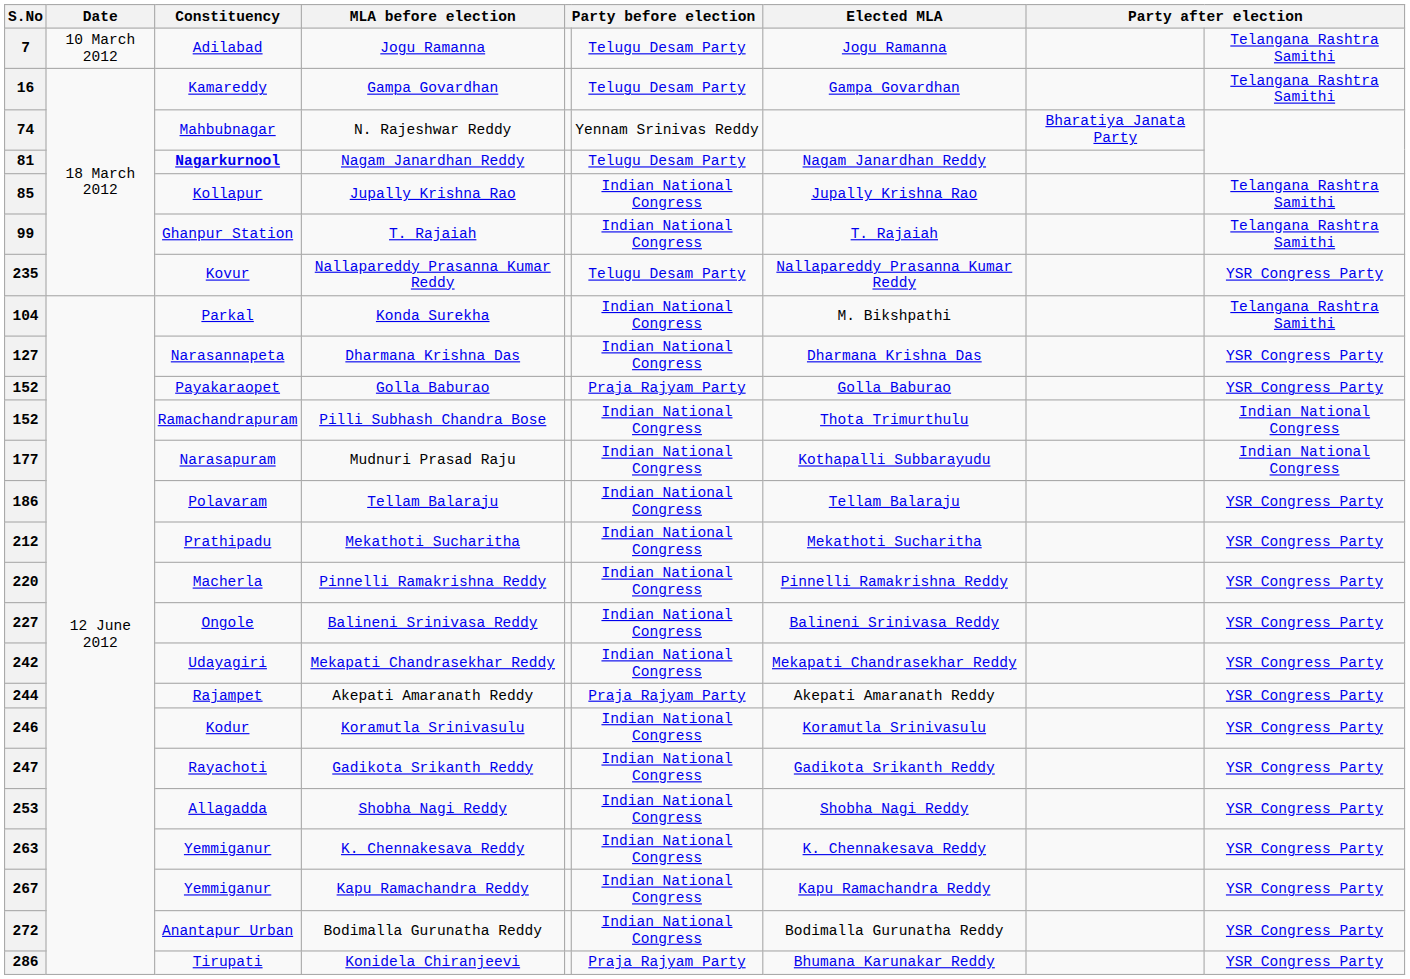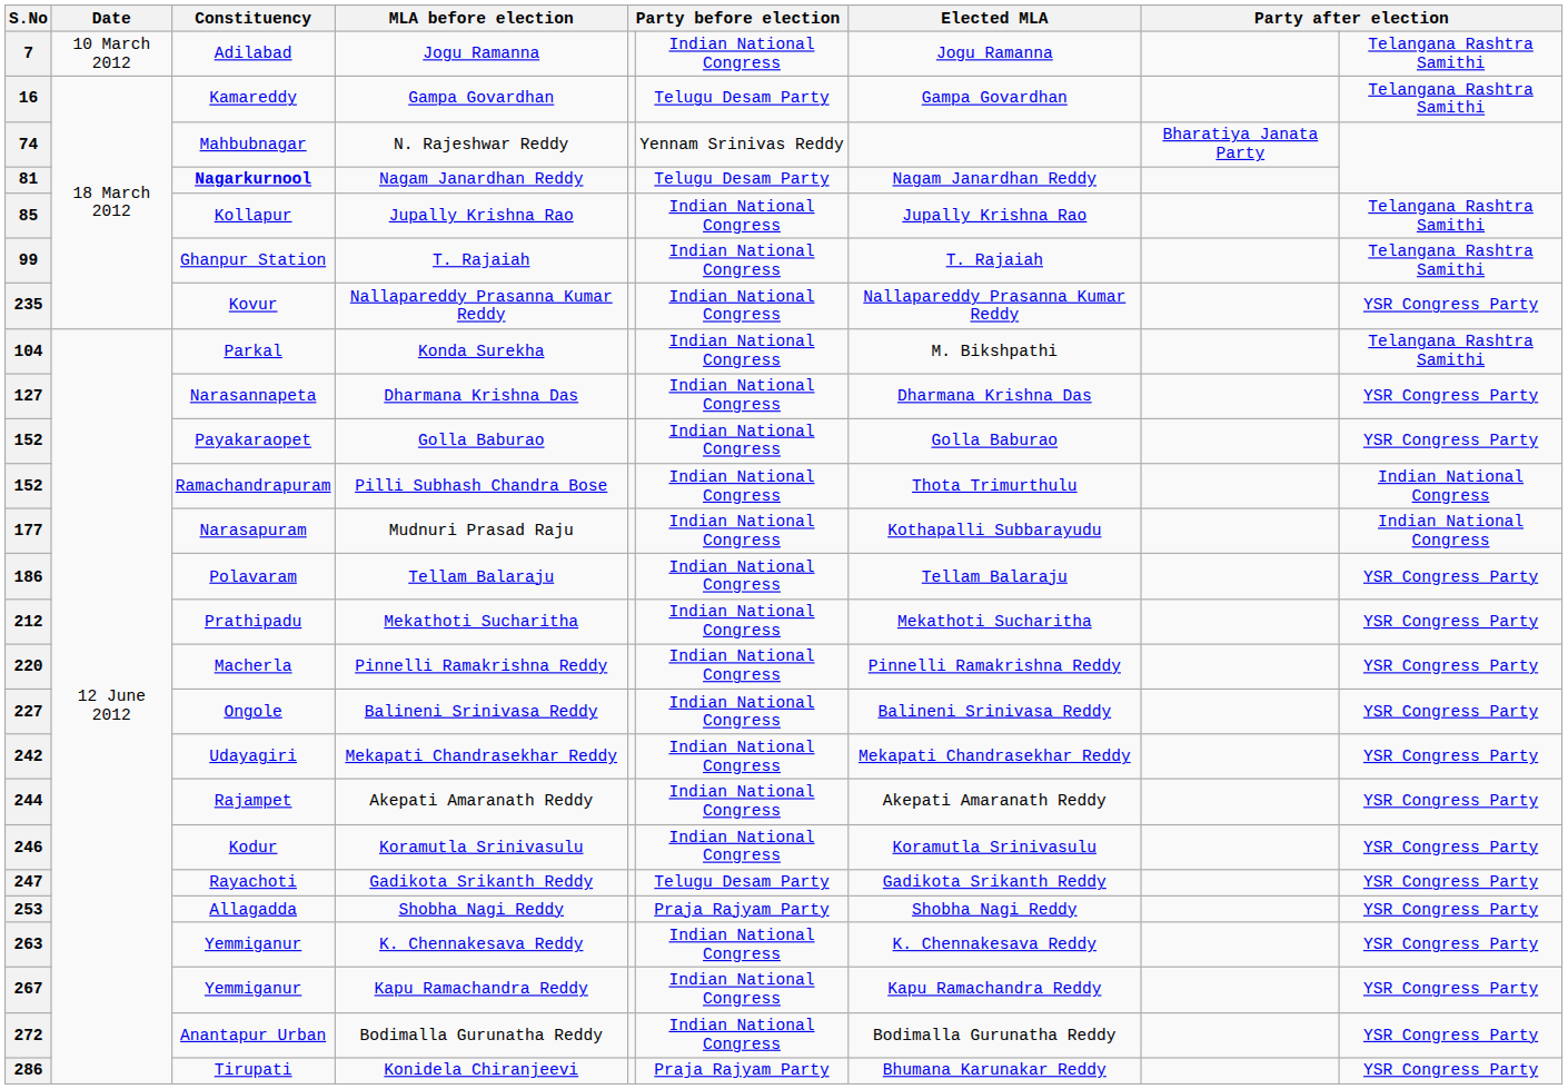 <table class="wikitable sortable" style="text-align:center;">
 <tr>
 <th>S.No</th>
 <th>Date</th>
 <th>Constituency</th>
 <th>MLA before election</th>
 <th colspan="2">Party before election</th>
 <th>Elected MLA</th>
 <th colspan="2">Party after election</th>
 </tr>
 <tr>
 <th>7</th>
 <td>10 March 2012</td>
 <td><a href='#'>Adilabad</a></td>
 <td><a href='#'>Jogu Ramanna</a></td>
 <td></td>
-<td><a href='#'>Telugu Desam Party</a></td>
+<td><a href='#'>Indian National Congress</a></td>
 <td><a href='#'>Jogu Ramanna</a></td>
 <td></td>
 <td><a href='#'>Telangana Rashtra Samithi</a></td>
 </tr>
 <tr>
 <th>16</th>
 <td Rowspan=6>18 March 2012</td>
 <td><a href='#'>Kamareddy</a></td>
 <td><a href='#'>Gampa Govardhan</a></td>
 <td></td>
 <td><a href='#'>Telugu Desam Party</a></td>
 <td><a href='#'>Gampa Govardhan</a></td>
 <td></td>
 <td><a href='#'>Telangana Rashtra Samithi</a></td>
 </tr>
 <tr>
 <th>74</th>
 <td><a href='#'>Mahbubnagar</a></td>
 <td>N. Rajeshwar Reddy</td>
 <td></td>
 <td>Yennam Srinivas Reddy</td>
 <td></td>
 <td><a href='#'>Bharatiya Janata Party</a></td>
 </tr>
 <tr>
 <th>81</th>
 <td><strong><a href='#'>Nagarkurnool</a></strong></td>
 <td><a href='#'>Nagam Janardhan Reddy</a></td>
 <td></td>
 <td><a href='#'>Telugu Desam Party</a></td>
 <td><a href='#'>Nagam Janardhan Reddy</a></td>
 <td></td>
 </tr>
 <tr>
 <th>85</th>
 <td><a href='#'>Kollapur</a></td>
 <td><a href='#'>Jupally Krishna Rao</a></td>
 <td></td>
 <td><a href='#'>Indian National Congress</a></td>
 <td><a href='#'>Jupally Krishna Rao</a></td>
 <td></td>
 <td><a href='#'>Telangana Rashtra Samithi</a></td>
 </tr>
 <tr>
 <th>99</th>
 <td><a href='#'>Ghanpur Station</a></td>
 <td><a href='#'>T. Rajaiah</a></td>
 <td></td>
 <td><a href='#'>Indian National Congress</a></td>
 <td><a href='#'>T. Rajaiah</a></td>
 <td></td>
 <td><a href='#'>Telangana Rashtra Samithi</a></td>
 </tr>
 <tr>
 <th>235</th>
 <td><a href='#'>Kovur</a></td>
 <td><a href='#'>Nallapareddy Prasanna Kumar Reddy</a></td>
 <td></td>
-<td><a href='#'>Telugu Desam Party</a></td>
+<td><a href='#'>Indian National Congress</a></td>
 <td><a href='#'>Nallapareddy Prasanna Kumar Reddy</a></td>
 <td></td>
 <td><a href='#'>YSR Congress Party</a></td>
 </tr>
 <tr>
 <th>104</th>
 <td Rowspan=18>12 June 2012</td>
 <td><a href='#'>Parkal</a></td>
 <td><a href='#'>Konda Surekha</a></td>
 <td></td>
 <td><a href='#'>Indian National Congress</a></td>
 <td>M. Bikshpathi</td>
 <td></td>
 <td><a href='#'>Telangana Rashtra Samithi</a></td>
 </tr>
 <tr>
 <th>127</th>
 <td><a href='#'>Narasannapeta</a></td>
 <td><a href='#'>Dharmana Krishna Das</a></td>
 <td></td>
 <td><a href='#'>Indian National Congress</a></td>
 <td><a href='#'>Dharmana Krishna Das</a></td>
 <td></td>
 <td><a href='#'>YSR Congress Party</a></td>
 </tr>
 <tr>
 <th>152</th>
 <td><a href='#'>Payakaraopet</a></td>
 <td><a href='#'>Golla Baburao</a></td>
 <td></td>
-<td><a href='#'>Praja Rajyam Party</a></td>
+<td><a href='#'>Indian National Congress</a></td>
 <td><a href='#'>Golla Baburao</a></td>
 <td></td>
 <td><a href='#'>YSR Congress Party</a></td>
 </tr>
 <tr>
 <th>152</th>
 <td><a href='#'>Ramachandrapuram</a></td>
 <td><a href='#'>Pilli Subhash Chandra Bose</a></td>
 <td></td>
 <td><a href='#'>Indian National Congress</a></td>
 <td><a href='#'>Thota Trimurthulu</a></td>
 <td></td>
 <td><a href='#'>Indian National Congress</a></td>
 </tr>
 <tr>
 <th>177</th>
 <td><a href='#'>Narasapuram</a></td>
 <td>Mudnuri Prasad Raju</td>
 <td></td>
 <td><a href='#'>Indian National Congress</a></td>
 <td><a href='#'>Kothapalli Subbarayudu</a></td>
 <td></td>
 <td><a href='#'>Indian National Congress</a></td>
 </tr>
 <tr>
 <th>186</th>
 <td><a href='#'>Polavaram</a></td>
 <td><a href='#'>Tellam Balaraju</a></td>
 <td></td>
 <td><a href='#'>Indian National Congress</a></td>
 <td><a href='#'>Tellam Balaraju</a></td>
 <td></td>
 <td><a href='#'>YSR Congress Party</a></td>
 </tr>
 <tr>
 <th>212</th>
 <td><a href='#'>Prathipadu</a></td>
 <td><a href='#'>Mekathoti Sucharitha</a></td>
 <td></td>
 <td><a href='#'>Indian National Congress</a></td>
 <td><a href='#'>Mekathoti Sucharitha</a></td>
 <td></td>
 <td><a href='#'>YSR Congress Party</a></td>
 </tr>
 <tr>
 <th>220</th>
 <td><a href='#'>Macherla</a></td>
 <td><a href='#'>Pinnelli Ramakrishna Reddy</a></td>
 <td></td>
 <td><a href='#'>Indian National Congress</a></td>
 <td><a href='#'>Pinnelli Ramakrishna Reddy</a></td>
 <td></td>
 <td><a href='#'>YSR Congress Party</a></td>
 </tr>
 <tr>
 <th>227</th>
 <td><a href='#'>Ongole</a></td>
 <td><a href='#'>Balineni Srinivasa Reddy</a></td>
 <td></td>
 <td><a href='#'>Indian National Congress</a></td>
 <td><a href='#'>Balineni Srinivasa Reddy</a></td>
 <td></td>
 <td><a href='#'>YSR Congress Party</a></td>
 </tr>
 <tr>
 <th>242</th>
 <td><a href='#'>Udayagiri</a></td>
 <td><a href='#'>Mekapati Chandrasekhar Reddy</a></td>
 <td></td>
 <td><a href='#'>Indian National Congress</a></td>
 <td><a href='#'>Mekapati Chandrasekhar Reddy</a></td>
 <td></td>
 <td><a href='#'>YSR Congress Party</a></td>
 </tr>
 <tr>
 <th>244</th>
 <td><a href='#'>Rajampet</a></td>
 <td>Akepati Amaranath Reddy</td>
 <td></td>
-<td><a href='#'>Praja Rajyam Party</a></td>
+<td><a href='#'>Indian National Congress</a></td>
 <td>Akepati Amaranath Reddy</td>
 <td></td>
 <td><a href='#'>YSR Congress Party</a></td>
 </tr>
 <tr>
 <th>246</th>
 <td><a href='#'>Kodur</a></td>
 <td><a href='#'>Koramutla Srinivasulu</a></td>
 <td></td>
 <td><a href='#'>Indian National Congress</a></td>
 <td><a href='#'>Koramutla Srinivasulu</a></td>
 <td></td>
 <td><a href='#'>YSR Congress Party</a></td>
 </tr>
 <tr>
 <th>247</th>
 <td><a href='#'>Rayachoti</a></td>
 <td><a href='#'>Gadikota Srikanth Reddy</a></td>
 <td></td>
-<td><a href='#'>Indian National Congress</a></td>
+<td><a href='#'>Telugu Desam Party</a></td>
 <td><a href='#'>Gadikota Srikanth Reddy</a></td>
 <td></td>
 <td><a href='#'>YSR Congress Party</a></td>
 </tr>
 <tr>
 <th>253</th>
 <td><a href='#'>Allagadda</a></td>
 <td><a href='#'>Shobha Nagi Reddy</a></td>
 <td></td>
-<td><a href='#'>Indian National Congress</a></td>
+<td><a href='#'>Praja Rajyam Party</a></td>
 <td><a href='#'>Shobha Nagi Reddy</a></td>
 <td></td>
 <td><a href='#'>YSR Congress Party</a></td>
 </tr>
 <tr>
 <th>263</th>
 <td><a href='#'>Yemmiganur</a></td>
 <td><a href='#'>K. Chennakesava Reddy</a></td>
 <td></td>
 <td><a href='#'>Indian National Congress</a></td>
 <td><a href='#'>K. Chennakesava Reddy</a></td>
 <td></td>
 <td><a href='#'>YSR Congress Party</a></td>
 </tr>
 <tr>
 <th>267</th>
 <td><a href='#'>Yemmiganur</a></td>
 <td><a href='#'>Kapu Ramachandra Reddy</a></td>
 <td></td>
 <td><a href='#'>Indian National Congress</a></td>
 <td><a href='#'>Kapu Ramachandra Reddy</a></td>
 <td></td>
 <td><a href='#'>YSR Congress Party</a></td>
 </tr>
 <tr>
 <th>272</th>
 <td><a href='#'>Anantapur Urban</a></td>
 <td>Bodimalla Gurunatha Reddy</td>
 <td></td>
 <td><a href='#'>Indian National Congress</a></td>
 <td>Bodimalla Gurunatha Reddy</td>
 <td></td>
 <td><a href='#'>YSR Congress Party</a></td>
 </tr>
 <tr>
 <th>286</th>
 <td><a href='#'>Tirupati</a></td>
 <td><a href='#'>Konidela Chiranjeevi</a></td>
 <td></td>
 <td><a href='#'>Praja Rajyam Party</a></td>
 <td><a href='#'>Bhumana Karunakar Reddy</a></td>
 <td></td>
 <td><a href='#'>YSR Congress Party</a></td>
 </tr>
 </table>
